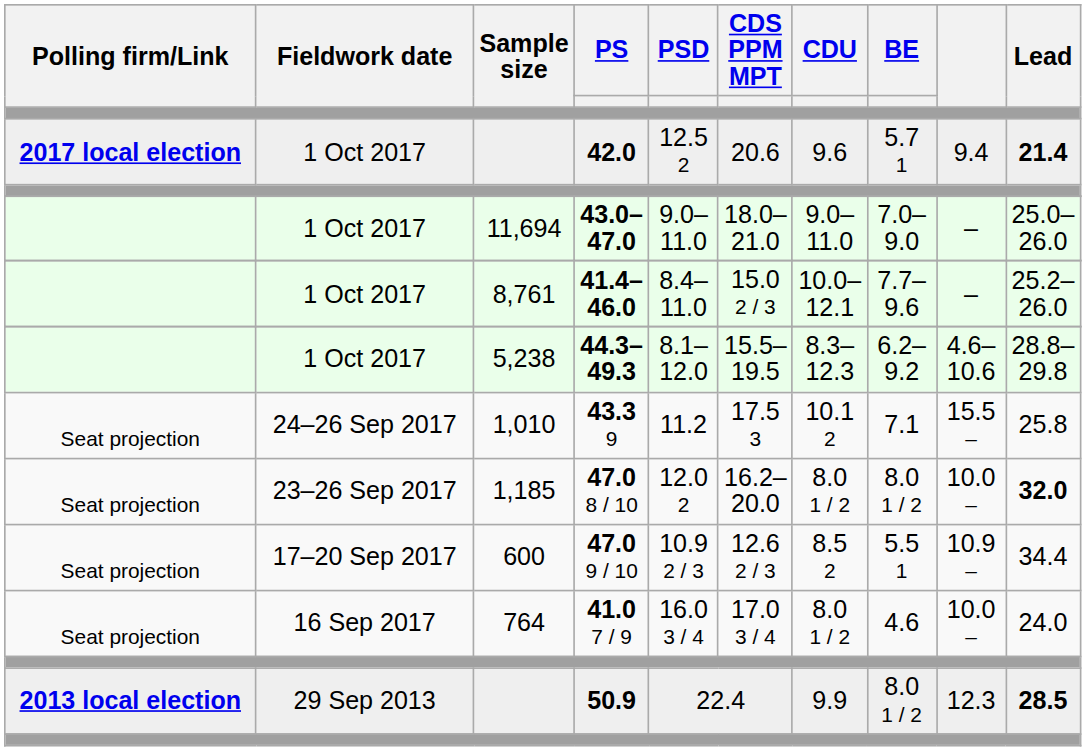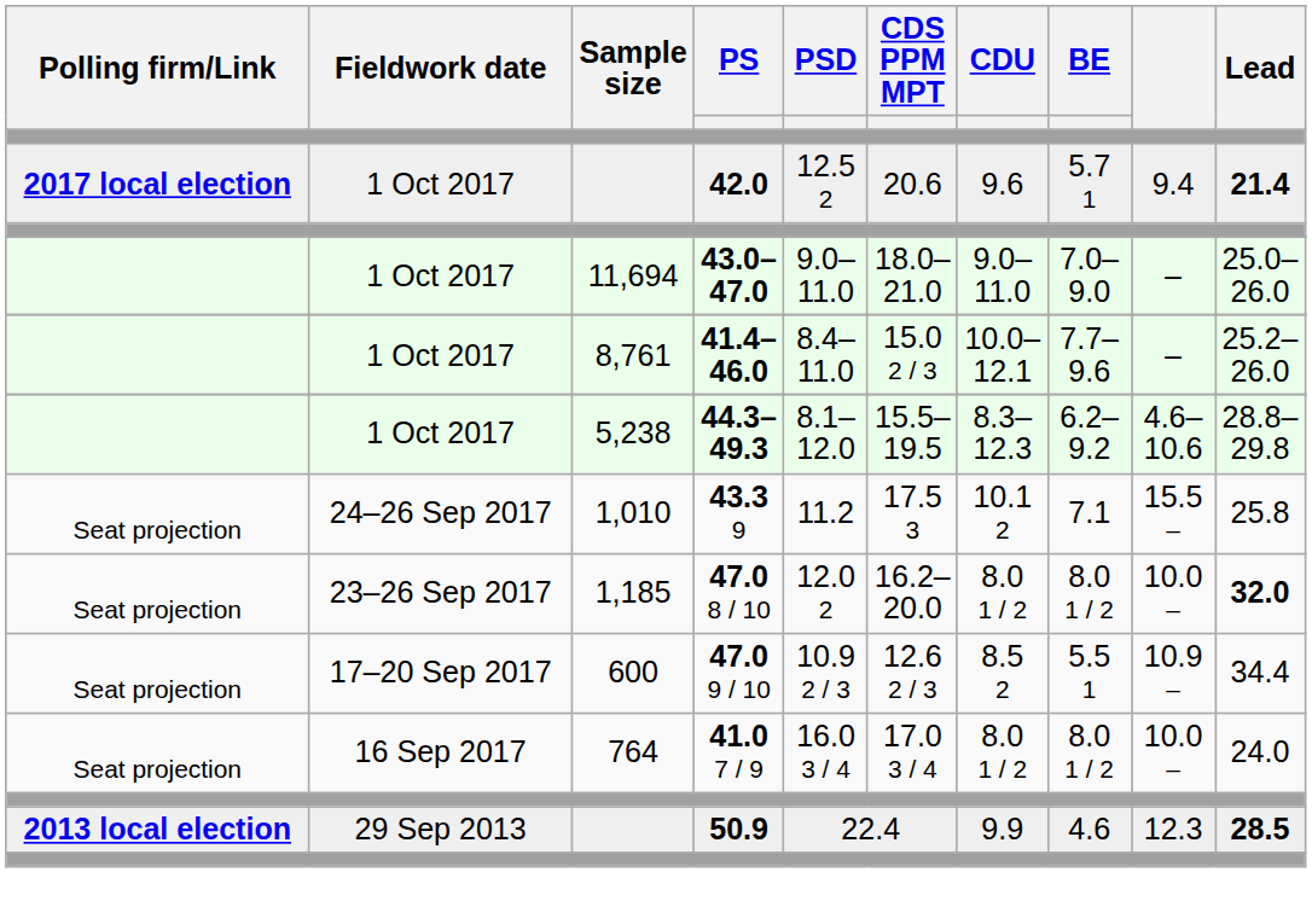 <table class="wikitable collapsible sortable" style="text-align:center; font-size:95%; line-height:16px;">
 <tr style="height:42px;">
 <th style="width:145px;" rowspan="2">Polling firm/Link</th>
 <th style="width:125px;" rowspan="2">Fieldwork date</th>
 <th class="unsortable" style="width:50px;" rowspan="2">Sample size</th>
 <th class="unsortable" style="width:35px;"><a href='#'>PS</a></th>
 <th class="unsortable" style="width:35px;"><a href='#'>PSD</a></th>
 <th class="unsortable" style="width:35px;"><a href='#'>CDS</a><br><a href='#'>PPM</a><br><a href='#'>MPT</a></th>
 <th class="unsortable" style="width:35px;"><a href='#'>CDU</a></th>
 <th class="unsortable" style="width:35px;"><a href='#'>BE</a></th>
 <th class="unsortable" style="width:35px;" rowspan="2"></th>
 <th class="unsortable" style="width:30px;" rowspan="2">Lead</th>
 </tr>
 <tr>
 <th class="unsortable" style="color:inherit;background:"></th>
 <th class="unsortable" style="color:inherit;background:"></th>
 <th class="unsortable" style="color:inherit;background:"></th>
 <th class="unsortable" style="color:inherit;background:"></th>
 <th class="unsortable" style="color:inherit;background:"></th>
 </tr>
 <tr>
 <td colspan="11" style="background:#A0A0A0"></td>
 </tr>
 <tr style="background:#EFEFEF;">
 <td><strong><a href='#'>2017 local election</a></strong></td>
 <td data-sort-value="2019-10-06">1 Oct 2017</td>
 <td></td>
 <td><strong>42.0</strong><br></td>
 <td align="center">12.5<br><small>2</small></td>
 <td>20.6<br></td>
 <td>9.6<br></td>
 <td align="center">5.7<br><small>1</small></td>
 <td>9.4<br></td>
 <td style="background:"><strong>21.4</strong></td>
 </tr>
 <tr>
 <td colspan="11" style="background:#A0A0A0"></td>
 </tr>
 <tr>
 </tr>
 <tr style="background:#EAFFEA"|>
 <td></td>
 <td data-sort-value="2019-10-06">1 Oct 2017</td>
 <td>11,694</td>
 <td><strong>43.0–<br>47.0</strong><br></td>
 <td>9.0–<br>11.0<br></td>
 <td>18.0–<br>21.0<br></td>
 <td>9.0–<br>11.0<br></td>
 <td>7.0–<br>9.0<br></td>
 <td>–</td>
 <td style="background:">25.0–<br>26.0</td>
 </tr>
 <tr>
 </tr>
 <tr style="background:#EAFFEA"|>
 <td></td>
 <td data-sort-value="2019-10-06">1 Oct 2017</td>
 <td>8,761</td>
 <td><strong>41.4–<br>46.0</strong><br></td>
 <td>8.4–<br>11.0<br></td>
 <td align="center">15.0<br><small>2 / 3</small></td>
 <td>10.0–<br>12.1<br></td>
 <td>7.7–<br>9.6<br></td>
 <td>–</td>
 <td style="background:">25.2–<br>26.0</td>
 </tr>
 <tr>
 </tr>
 <tr style="background:#EAFFEA"|>
 <td></td>
 <td data-sort-value="2019-10-06">1 Oct 2017</td>
 <td>5,238</td>
 <td><strong>44.3–<br>49.3</strong><br></td>
 <td>8.1–<br>12.0<br></td>
 <td>15.5–<br>19.5<br></td>
 <td>8.3–<br>12.3<br></td>
 <td>6.2–<br>9.2<br></td>
 <td>4.6–<br>10.6<br></td>
 <td style="background:">28.8–<br>29.8</td>
 </tr>
 <tr>
 <td align="center"><br><small>Seat projection</small></td>
 <td align="center">24–26 Sep 2017</td>
 <td>1,010</td>
 <td align="center" ><strong>43.3</strong><br><small>9</small></td>
 <td>11.2<br></td>
 <td align="center">17.5<br><small>3</small></td>
 <td align="center">10.1<br><small>2</small></td>
 <td>7.1<br></td>
 <td align="center">15.5<br><small>–</small></td>
 <td style="background:">25.8</td>
 </tr>
 <tr>
 <td align="center"><br><small>Seat projection</small></td>
 <td align="center">23–26 Sep 2017</td>
 <td>1,185</td>
 <td align="center" ><strong>47.0</strong><br><small>8 / 10</small></td>
 <td align="center">12.0<br><small>2</small></td>
 <td>16.2–<br>20.0<br></td>
 <td align="center">8.0<br><small>1 / 2</small></td>
 <td align="center">8.0<br><small>1 / 2</small></td>
 <td align="center">10.0<br><small>–</small></td>
 <td style="background:"><strong>32.0</strong></td>
 </tr>
 <tr>
 <td align="center"><br><small>Seat projection</small></td>
 <td align="center">17–20 Sep 2017</td>
 <td>600</td>
 <td align="center" ><strong>47.0</strong><br><small>9 / 10</small></td>
 <td align="center">10.9<br><small>2 / 3</small></td>
 <td align="center">12.6<br><small>2 / 3</small></td>
 <td align="center">8.5<br><small>2</small></td>
 <td align="center">5.5<br><small>1</small></td>
 <td align="center">10.9<br><small>–</small></td>
 <td style="background:">34.4</td>
 </tr>
 <tr>
 <td align="center"><br><small>Seat projection</small></td>
 <td align="center">16 Sep 2017</td>
 <td>764</td>
 <td align="center" ><strong>41.0</strong><br><small>7 / 9</small></td>
 <td align="center">16.0<br><small>3 / 4</small></td>
 <td align="center">17.0<br><small>3 / 4</small></td>
 <td align="center">8.0<br><small>1 / 2</small></td>
-<td>4.6<br></td>
+<td align="center">8.0<br><small>1 / 2</small></td>
 <td align="center">10.0<br><small>–</small></td>
 <td style="background:">24.0</td>
 </tr>
 <tr>
 <td colspan="11" style="background:#A0A0A0"></td>
 </tr>
 <tr style="background:#EFEFEF;">
 <td><strong><a href='#'>2013 local election</a></strong></td>
 <td data-sort-value="2019-10-06">29 Sep 2013</td>
 <td></td>
 <td><strong>50.9</strong><br></td>
 <td colspan="2">22.4<br></td>
 <td>9.9<br></td>
-<td align="center">8.0<br><small>1 / 2</small></td>
+<td>4.6<br></td>
 <td>12.3<br></td>
 <td style="background:"><strong>28.5</strong></td>
 </tr>
 <tr>
 <td colspan="11" style="background:#A0A0A0"></td>
 </tr>
 </table>
